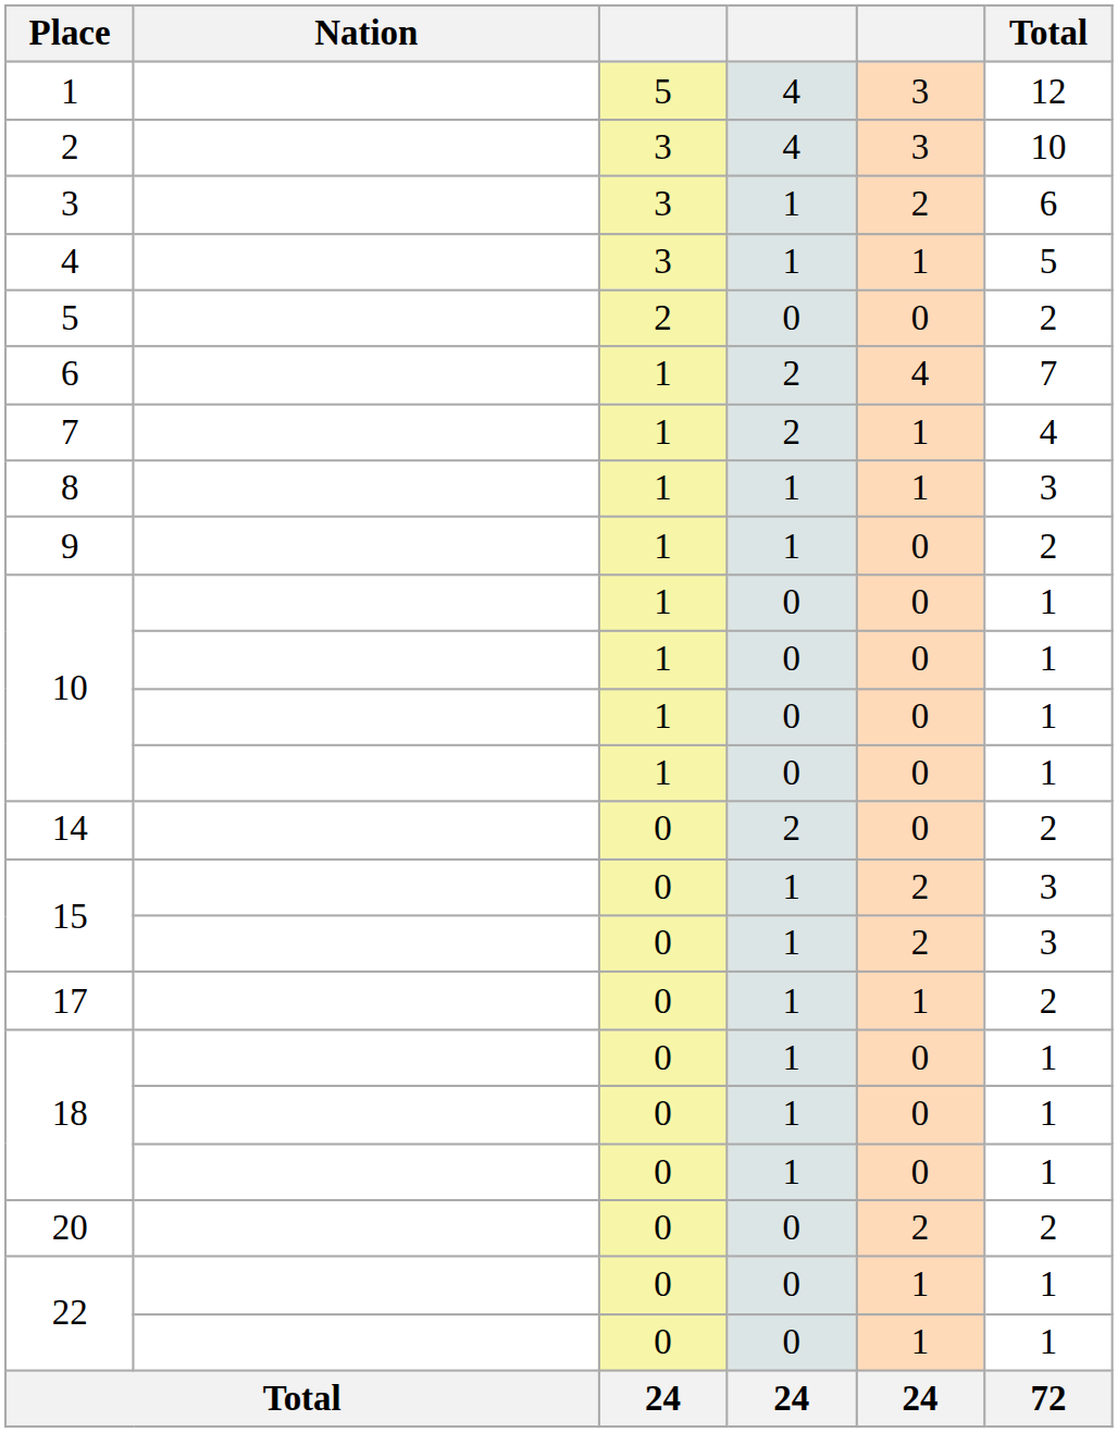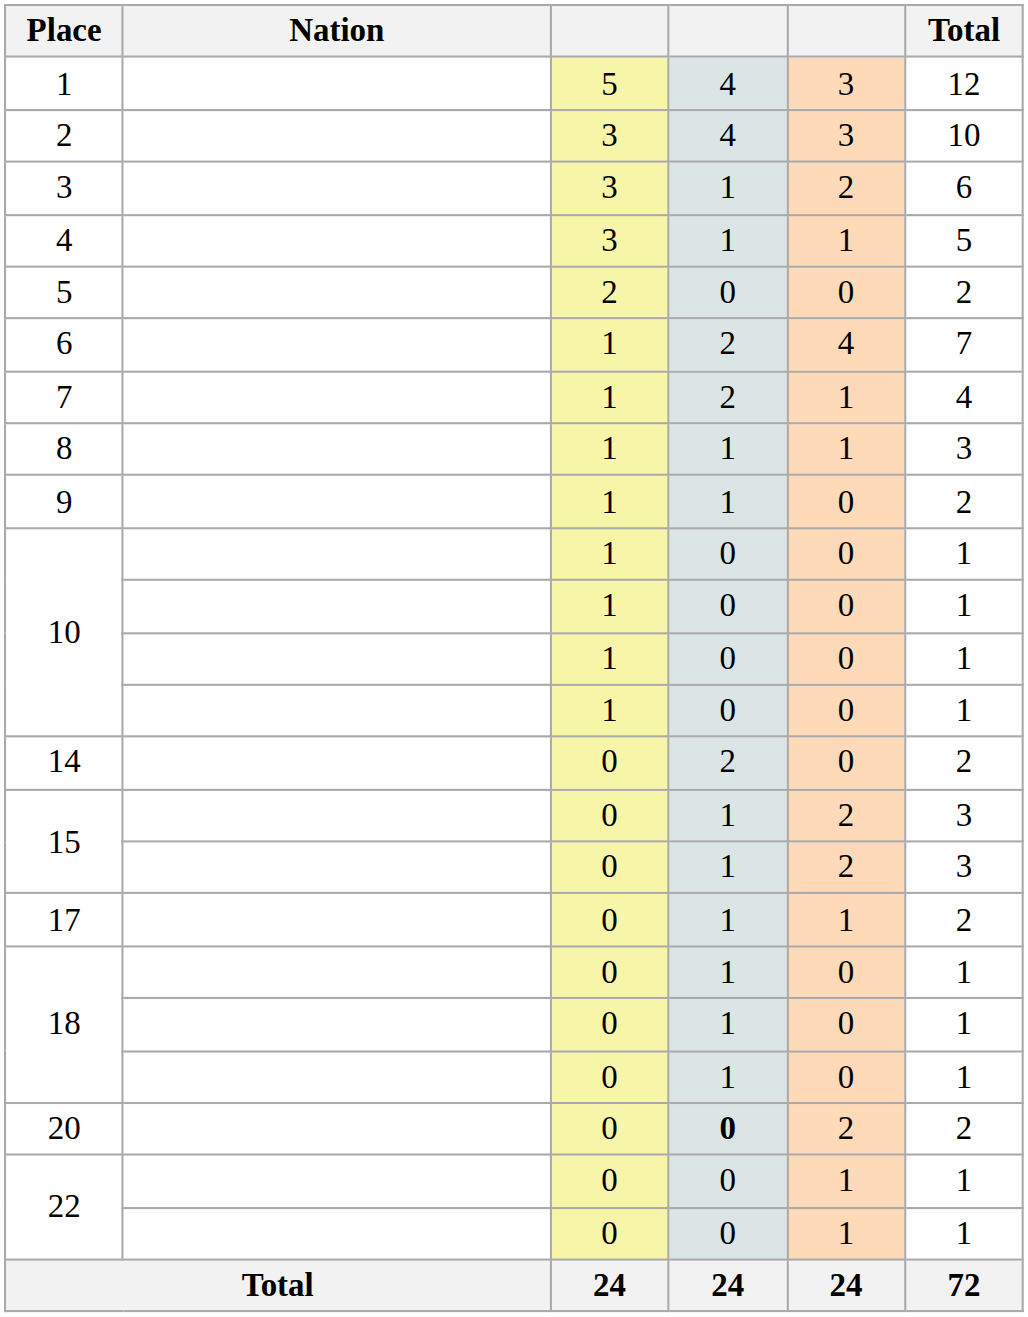 <table class="wikitable" style="border:1px solid #AAAAAA">
 <tr bgcolor="#EFEFEF">
 <th width=50>Place</th>
 <th width=200>Nation</th>
 <th width=50></th>
 <th width=50></th>
 <th width=50></th>
 <th width=50>Total</th>
 </tr>
 <tr align=center bgcolor="#FFFFFF">
 <td>1</td>
 <td align="left"></td>
 <td style="background:#F7F6A8;">5</td>
 <td style="background:#DCE5E5;">4</td>
 <td style="background:#FFDAB9;">3</td>
 <td>12</td>
 </tr>
 <tr align=center bgcolor="#FFFFFF">
 <td>2</td>
 <td align="left"></td>
 <td style="background:#F7F6A8;">3</td>
 <td style="background:#DCE5E5;">4</td>
 <td style="background:#FFDAB9;">3</td>
 <td>10</td>
 </tr>
 <tr align=center bgcolor="#FFFFFF">
 <td>3</td>
 <td align="left"></td>
 <td style="background:#F7F6A8;">3</td>
 <td style="background:#DCE5E5;">1</td>
 <td style="background:#FFDAB9;">2</td>
 <td>6</td>
 </tr>
 <tr align=center bgcolor="#FFFFFF">
 <td>4</td>
 <td align="left"></td>
 <td style="background:#F7F6A8;">3</td>
 <td style="background:#DCE5E5;">1</td>
 <td style="background:#FFDAB9;">1</td>
 <td>5</td>
 </tr>
 <tr align=center bgcolor="#FFFFFF">
 <td>5</td>
 <td align="left"></td>
 <td style="background:#F7F6A8;">2</td>
 <td style="background:#DCE5E5;">0</td>
 <td style="background:#FFDAB9;">0</td>
 <td>2</td>
 </tr>
 <tr align=center bgcolor="#FFFFFF">
 <td>6</td>
 <td align="left"></td>
 <td style="background:#F7F6A8;">1</td>
 <td style="background:#DCE5E5;">2</td>
 <td style="background:#FFDAB9;">4</td>
 <td>7</td>
 </tr>
 <tr align=center bgcolor="#FFFFFF">
 <td>7</td>
 <td align="left"></td>
 <td style="background:#F7F6A8;">1</td>
 <td style="background:#DCE5E5;">2</td>
 <td style="background:#FFDAB9;">1</td>
 <td>4</td>
 </tr>
 <tr align=center bgcolor="#FFFFFF">
 <td>8</td>
 <td align="left"></td>
 <td style="background:#F7F6A8;">1</td>
 <td style="background:#DCE5E5;">1</td>
 <td style="background:#FFDAB9;">1</td>
 <td>3</td>
 </tr>
 <tr align=center bgcolor="#FFFFFF">
 <td>9</td>
 <td align="left"></td>
 <td style="background:#F7F6A8;">1</td>
 <td style="background:#DCE5E5;">1</td>
 <td style="background:#FFDAB9;">0</td>
 <td>2</td>
 </tr>
 <tr align=center bgcolor="#FFFFFF">
 <td rowspan=4>10</td>
 <td align="left"></td>
 <td style="background:#F7F6A8;">1</td>
 <td style="background:#DCE5E5;">0</td>
 <td style="background:#FFDAB9;">0</td>
 <td>1</td>
 </tr>
 <tr align=center bgcolor="#FFFFFF">
 <td align="left"></td>
 <td style="background:#F7F6A8;">1</td>
 <td style="background:#DCE5E5;">0</td>
 <td style="background:#FFDAB9;">0</td>
 <td>1</td>
 </tr>
 <tr align=center bgcolor="#FFFFFF">
 <td align="left"></td>
 <td style="background:#F7F6A8;">1</td>
 <td style="background:#DCE5E5;">0</td>
 <td style="background:#FFDAB9;">0</td>
 <td>1</td>
 </tr>
 <tr align=center bgcolor="#FFFFFF">
 <td align="left"></td>
 <td style="background:#F7F6A8;">1</td>
 <td style="background:#DCE5E5;">0</td>
 <td style="background:#FFDAB9;">0</td>
 <td>1</td>
 </tr>
 <tr align=center bgcolor="#FFFFFF">
 <td>14</td>
 <td align="left"></td>
 <td style="background:#F7F6A8;">0</td>
 <td style="background:#DCE5E5;">2</td>
 <td style="background:#FFDAB9;">0</td>
 <td>2</td>
 </tr>
 <tr align=center bgcolor="#FFFFFF">
 <td rowspan=2>15</td>
 <td align="left"></td>
 <td style="background:#F7F6A8;">0</td>
 <td style="background:#DCE5E5;">1</td>
 <td style="background:#FFDAB9;">2</td>
 <td>3</td>
 </tr>
 <tr align=center bgcolor="#FFFFFF">
 <td align="left"></td>
 <td style="background:#F7F6A8;">0</td>
 <td style="background:#DCE5E5;">1</td>
 <td style="background:#FFDAB9;">2</td>
 <td>3</td>
 </tr>
 <tr align=center bgcolor="#FFFFFF">
 <td>17</td>
 <td align="left"></td>
 <td style="background:#F7F6A8;">0</td>
 <td style="background:#DCE5E5;">1</td>
 <td style="background:#FFDAB9;">1</td>
 <td>2</td>
 </tr>
 <tr align=center bgcolor="#FFFFFF">
 <td rowspan=3>18</td>
 <td align="left"></td>
 <td style="background:#F7F6A8;">0</td>
 <td style="background:#DCE5E5;">1</td>
 <td style="background:#FFDAB9;">0</td>
 <td>1</td>
 </tr>
 <tr align=center bgcolor="#FFFFFF">
 <td align="left"></td>
 <td style="background:#F7F6A8;">0</td>
 <td style="background:#DCE5E5;">1</td>
 <td style="background:#FFDAB9;">0</td>
 <td>1</td>
 </tr>
 <tr align=center bgcolor="#FFFFFF">
 <td align="left"></td>
 <td style="background:#F7F6A8;">0</td>
 <td style="background:#DCE5E5;">1</td>
 <td style="background:#FFDAB9;">0</td>
 <td>1</td>
 </tr>
 <tr align=center bgcolor="#FFFFFF">
 <td>20</td>
 <td align="left"></td>
 <td style="background:#F7F6A8;">0</td>
-<td style="background:#DCE5E5;">0</td>
+<td style="background:#DCE5E5;"><strong>0</strong></td>
 <td style="background:#FFDAB9;">2</td>
 <td>2</td>
 </tr>
 <tr align=center bgcolor="#FFFFFF">
 <td rowspan=2>22</td>
 <td align="left"></td>
 <td style="background:#F7F6A8;">0</td>
 <td style="background:#DCE5E5;">0</td>
 <td style="background:#FFDAB9;">1</td>
 <td>1</td>
 </tr>
 <tr align=center bgcolor="#FFFFFF">
 <td align="left"></td>
 <td style="background:#F7F6A8;">0</td>
 <td style="background:#DCE5E5;">0</td>
 <td style="background:#FFDAB9;">1</td>
 <td>1</td>
 </tr>
 <tr bgcolor="#EFEFEF">
 <th colspan=2>Total</th>
 <th>24</th>
 <th>24</th>
 <th>24</th>
 <th>72</th>
 </tr>
 </table>
